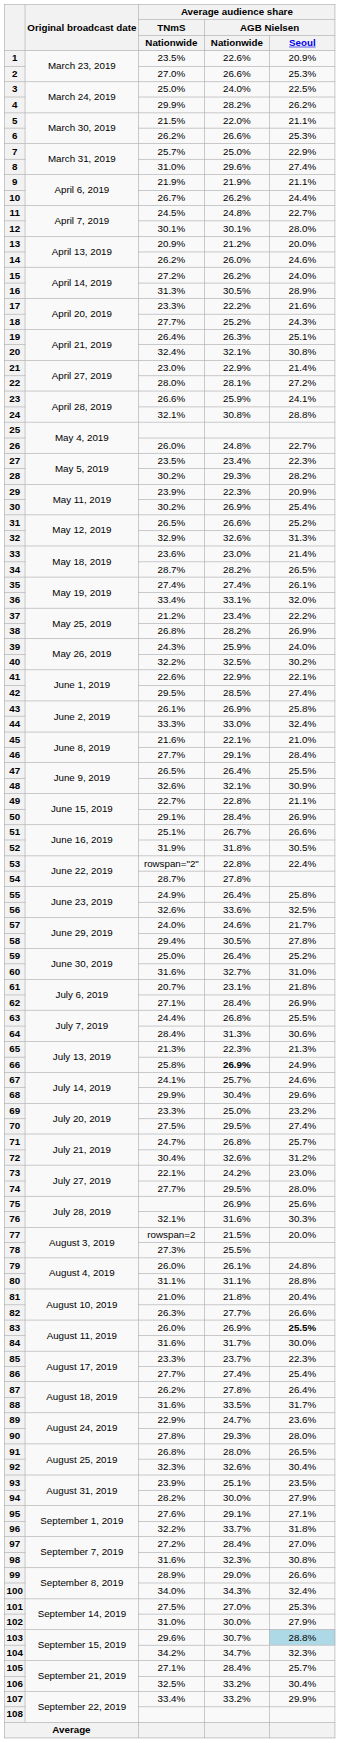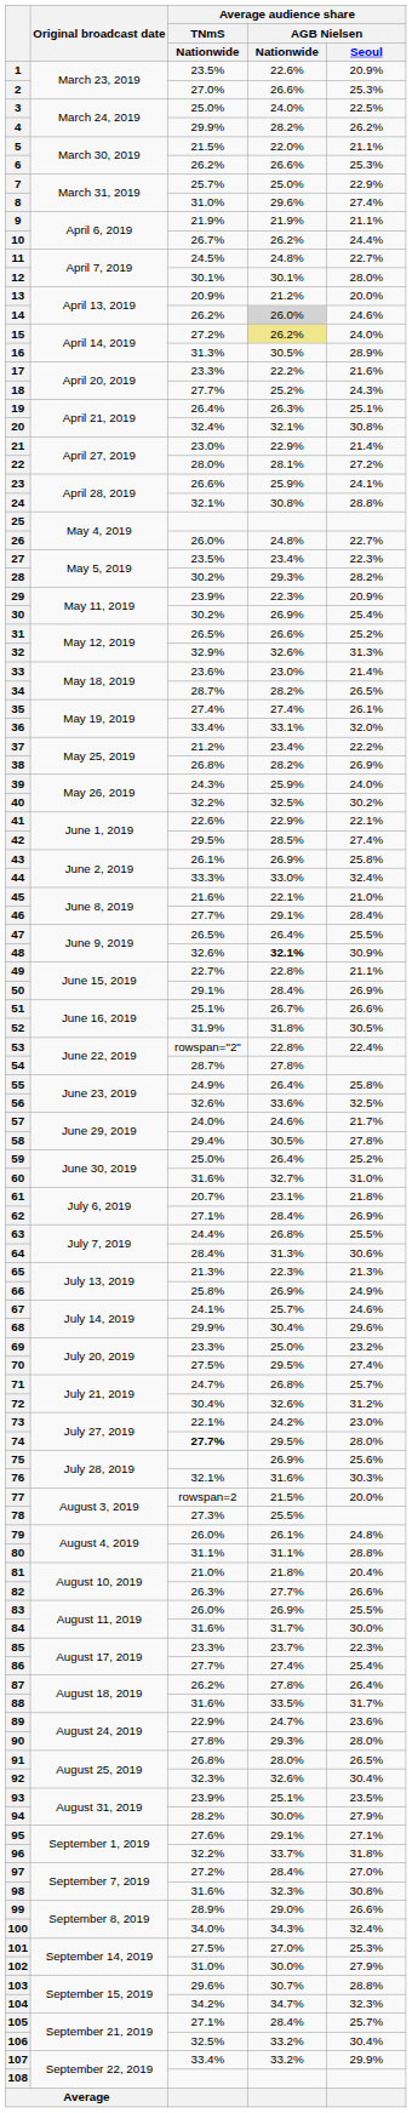 <table class="wikitable" style="text-align:center">
 <tr>
 <th rowspan="3"></th>
 <th rowspan="3">Original broadcast date</th>
 <th colspan="3">Average audience share</th>
 </tr>
 <tr>
 <th colspan="1">TNmS</th>
 <th colspan="4">AGB Nielsen</th>
 </tr>
 <tr>
 <th width="100">Nationwide</th>
 <th width="100">Nationwide</th>
 <th width="100"><a href='#'>Seoul</a></th>
 </tr>
 <tr>
 <th>1</th>
 <td rowspan="2">March 23, 2019</td>
 <td>23.5%</td>
 <td>22.6%</td>
 <td>20.9%</td>
 </tr>
 <tr>
 <th>2</th>
 <td>27.0%</td>
 <td>26.6%</td>
 <td>25.3%</td>
 </tr>
 <tr>
 <th>3</th>
 <td rowspan="2">March 24, 2019</td>
 <td>25.0%</td>
 <td>24.0%</td>
 <td>22.5%</td>
 </tr>
 <tr>
 <th>4</th>
 <td>29.9%</td>
 <td>28.2%</td>
 <td>26.2%</td>
 </tr>
 <tr>
 <th>5</th>
 <td rowspan="2">March 30, 2019</td>
 <td>21.5%</td>
 <td>22.0%</td>
 <td>21.1%</td>
 </tr>
 <tr>
 <th>6</th>
 <td>26.2%</td>
 <td>26.6%</td>
 <td>25.3%</td>
 </tr>
 <tr>
 <th>7</th>
 <td rowspan="2">March 31, 2019</td>
 <td>25.7%</td>
 <td>25.0%</td>
 <td>22.9%</td>
 </tr>
 <tr>
 <th>8</th>
 <td>31.0%</td>
 <td>29.6%</td>
 <td>27.4%</td>
 </tr>
 <tr>
 <th>9</th>
 <td rowspan="2">April 6, 2019</td>
 <td>21.9%</td>
 <td>21.9%</td>
 <td>21.1%</td>
 </tr>
 <tr>
 <th>10</th>
 <td>26.7%</td>
 <td>26.2%</td>
 <td>24.4%</td>
 </tr>
 <tr>
 <th>11</th>
 <td rowspan="2">April 7, 2019</td>
 <td>24.5%</td>
 <td>24.8%</td>
 <td>22.7%</td>
 </tr>
 <tr>
 <th>12</th>
 <td>30.1%</td>
 <td>30.1%</td>
 <td>28.0%</td>
 </tr>
 <tr>
 <th>13</th>
 <td rowspan="2">April 13, 2019</td>
 <td>20.9%</td>
 <td>21.2%</td>
 <td>20.0%</td>
 </tr>
 <tr>
 <th>14</th>
 <td>26.2%</td>
-<td>26.0%</td>
+<td style="background: lightgrey;">26.0%</td>
 <td>24.6%</td>
 </tr>
 <tr>
 <th>15</th>
 <td rowspan="2">April 14, 2019</td>
 <td>27.2%</td>
-<td>26.2%</td>
+<td style="background: khaki;">26.2%</td>
 <td>24.0%</td>
 </tr>
 <tr>
 <th>16</th>
 <td>31.3%</td>
 <td>30.5%</td>
 <td>28.9%</td>
 </tr>
 <tr>
 <th>17</th>
 <td rowspan="2">April 20, 2019</td>
 <td>23.3%</td>
 <td>22.2%</td>
 <td>21.6%</td>
 </tr>
 <tr>
 <th>18</th>
 <td>27.7%</td>
 <td>25.2%</td>
 <td>24.3%</td>
 </tr>
 <tr>
 <th>19</th>
 <td rowspan="2">April 21, 2019</td>
 <td>26.4%</td>
 <td>26.3%</td>
 <td>25.1%</td>
 </tr>
 <tr>
 <th>20</th>
 <td>32.4%</td>
 <td>32.1%</td>
 <td>30.8%</td>
 </tr>
 <tr>
 <th>21</th>
 <td rowspan="2">April 27, 2019</td>
 <td>23.0%</td>
 <td>22.9%</td>
 <td>21.4%</td>
 </tr>
 <tr>
 <th>22</th>
 <td>28.0%</td>
 <td>28.1%</td>
 <td>27.2%</td>
 </tr>
 <tr>
 <th>23</th>
 <td rowspan="2">April 28, 2019</td>
 <td>26.6%</td>
 <td>25.9%</td>
 <td>24.1%</td>
 </tr>
 <tr>
 <th>24</th>
 <td>32.1%</td>
 <td>30.8%</td>
 <td>28.8%</td>
 </tr>
 <tr>
 <th>25</th>
 <td rowspan="2">May 4, 2019</td>
 <td></td>
 <td></td>
 <td></td>
 </tr>
 <tr>
 <th>26</th>
 <td>26.0%</td>
 <td>24.8%</td>
 <td>22.7%</td>
 </tr>
 <tr>
 <th>27</th>
 <td rowspan="2">May 5, 2019</td>
 <td>23.5%</td>
 <td>23.4%</td>
 <td>22.3%</td>
 </tr>
 <tr>
 <th>28</th>
 <td>30.2%</td>
 <td>29.3%</td>
 <td>28.2%</td>
 </tr>
 <tr>
 <th>29</th>
 <td rowspan="2">May 11, 2019</td>
 <td>23.9%</td>
 <td>22.3%</td>
 <td>20.9%</td>
 </tr>
 <tr>
 <th>30</th>
 <td>30.2%</td>
 <td>26.9%</td>
 <td>25.4%</td>
 </tr>
 <tr>
 <th>31</th>
 <td rowspan="2">May 12, 2019</td>
 <td>26.5%</td>
 <td>26.6%</td>
 <td>25.2%</td>
 </tr>
 <tr>
 <th>32</th>
 <td>32.9%</td>
 <td>32.6%</td>
 <td>31.3%</td>
 </tr>
 <tr>
 <th>33</th>
 <td rowspan="2">May 18, 2019</td>
 <td>23.6%</td>
 <td>23.0%</td>
 <td>21.4%</td>
 </tr>
 <tr>
 <th>34</th>
 <td>28.7%</td>
 <td>28.2%</td>
 <td>26.5%</td>
 </tr>
 <tr>
 <th>35</th>
 <td rowspan="2">May 19, 2019</td>
 <td>27.4%</td>
 <td>27.4%</td>
 <td>26.1%</td>
 </tr>
 <tr>
 <th>36</th>
 <td>33.4%</td>
 <td>33.1%</td>
 <td>32.0%</td>
 </tr>
 <tr>
 <th>37</th>
 <td rowspan="2">May 25, 2019</td>
 <td>21.2%</td>
 <td>23.4%</td>
 <td>22.2%</td>
 </tr>
 <tr>
 <th>38</th>
 <td>26.8%</td>
 <td>28.2%</td>
 <td>26.9%</td>
 </tr>
 <tr>
 <th>39</th>
 <td rowspan="2">May 26, 2019</td>
 <td>24.3%</td>
 <td>25.9%</td>
 <td>24.0%</td>
 </tr>
 <tr>
 <th>40</th>
 <td>32.2%</td>
 <td>32.5%</td>
 <td>30.2%</td>
 </tr>
 <tr>
 <th>41</th>
 <td rowspan="2">June 1, 2019</td>
 <td>22.6%</td>
 <td>22.9%</td>
 <td>22.1%</td>
 </tr>
 <tr>
 <th>42</th>
 <td>29.5%</td>
 <td>28.5%</td>
 <td>27.4%</td>
 </tr>
 <tr>
 <th>43</th>
 <td rowspan="2">June 2, 2019</td>
 <td>26.1%</td>
 <td>26.9%</td>
 <td>25.8%</td>
 </tr>
 <tr>
 <th>44</th>
 <td>33.3%</td>
 <td>33.0%</td>
 <td>32.4%</td>
 </tr>
 <tr>
 <th>45</th>
 <td rowspan="2">June 8, 2019</td>
 <td>21.6%</td>
 <td>22.1%</td>
 <td>21.0%</td>
 </tr>
 <tr>
 <th>46</th>
 <td>27.7%</td>
 <td>29.1%</td>
 <td>28.4%</td>
 </tr>
 <tr>
 <th>47</th>
 <td rowspan="2">June 9, 2019</td>
 <td>26.5%</td>
 <td>26.4%</td>
 <td>25.5%</td>
 </tr>
 <tr>
 <th>48</th>
 <td>32.6%</td>
-<td>32.1%</td>
+<td><strong>32.1%</strong></td>
 <td>30.9%</td>
 </tr>
 <tr>
 <th>49</th>
 <td rowspan="2">June 15, 2019</td>
 <td>22.7%</td>
 <td>22.8%</td>
 <td>21.1%</td>
 </tr>
 <tr>
 <th>50</th>
 <td>29.1%</td>
 <td>28.4%</td>
 <td>26.9%</td>
 </tr>
 <tr>
 <th>51</th>
 <td rowspan="2">June 16, 2019</td>
 <td>25.1%</td>
 <td>26.7%</td>
 <td>26.6%</td>
 </tr>
 <tr>
 <th>52</th>
 <td>31.9%</td>
 <td>31.8%</td>
 <td>30.5%</td>
 </tr>
 <tr>
 <th>53</th>
 <td rowspan="2">June 22, 2019</td>
 <td>rowspan="2" </td>
 <td>22.8%</td>
 <td>22.4%</td>
 </tr>
 <tr>
 <th>54</th>
 <td>28.7%</td>
 <td>27.8%</td>
 </tr>
 <tr>
 <th>55</th>
 <td rowspan="2">June 23, 2019</td>
 <td>24.9%</td>
 <td>26.4%</td>
 <td>25.8%</td>
 </tr>
 <tr>
 <th>56</th>
 <td>32.6%</td>
 <td>33.6%</td>
 <td>32.5%</td>
 </tr>
 <tr>
 <th>57</th>
 <td rowspan="2">June 29, 2019</td>
 <td>24.0%</td>
 <td>24.6%</td>
 <td>21.7%</td>
 </tr>
 <tr>
 <th>58</th>
 <td>29.4%</td>
 <td>30.5%</td>
 <td>27.8%</td>
 </tr>
 <tr>
 <th>59</th>
 <td rowspan="2">June 30, 2019</td>
 <td>25.0%</td>
 <td>26.4%</td>
 <td>25.2%</td>
 </tr>
 <tr>
 <th>60</th>
 <td>31.6%</td>
 <td>32.7%</td>
 <td>31.0%</td>
 </tr>
 <tr>
 <th>61</th>
 <td rowspan="2">July 6, 2019</td>
 <td>20.7%</td>
 <td>23.1%</td>
 <td>21.8%</td>
 </tr>
 <tr>
 <th>62</th>
 <td>27.1%</td>
 <td>28.4%</td>
 <td>26.9%</td>
 </tr>
 <tr>
 <th>63</th>
 <td rowspan="2">July 7, 2019</td>
 <td>24.4%</td>
 <td>26.8%</td>
 <td>25.5%</td>
 </tr>
 <tr>
 <th>64</th>
 <td>28.4%</td>
 <td>31.3%</td>
 <td>30.6%</td>
 </tr>
 <tr>
 <th>65</th>
 <td rowspan="2">July 13, 2019</td>
 <td>21.3%</td>
 <td>22.3%</td>
 <td>21.3%</td>
 </tr>
 <tr>
 <th>66</th>
 <td>25.8%</td>
-<td><strong>26.9%</strong></td>
+<td>26.9%</td>
 <td>24.9%</td>
 </tr>
 <tr>
 <th>67</th>
 <td rowspan="2">July 14, 2019</td>
 <td>24.1%</td>
 <td>25.7%</td>
 <td>24.6%</td>
 </tr>
 <tr>
 <th>68</th>
 <td>29.9%</td>
 <td>30.4%</td>
 <td>29.6%</td>
 </tr>
 <tr>
 <th>69</th>
 <td rowspan="2">July 20, 2019</td>
 <td>23.3%</td>
 <td>25.0%</td>
 <td>23.2%</td>
 </tr>
 <tr>
 <th>70</th>
 <td>27.5%</td>
 <td>29.5%</td>
 <td>27.4%</td>
 </tr>
 <tr>
 <th>71</th>
 <td rowspan="2">July 21, 2019</td>
 <td>24.7%</td>
 <td>26.8%</td>
 <td>25.7%</td>
 </tr>
 <tr>
 <th>72</th>
 <td>30.4%</td>
 <td>32.6%</td>
 <td>31.2%</td>
 </tr>
 <tr>
 <th>73</th>
 <td rowspan="2">July 27, 2019</td>
 <td>22.1%</td>
 <td>24.2%</td>
 <td>23.0%</td>
 </tr>
 <tr>
 <th>74</th>
-<td>27.7%</td>
+<td><strong>27.7%</strong></td>
 <td>29.5%</td>
 <td>28.0%</td>
 </tr>
 <tr>
 <th>75</th>
 <td rowspan="2">July 28, 2019</td>
 <td></td>
 <td>26.9%</td>
 <td>25.6%</td>
 </tr>
 <tr>
 <th>76</th>
 <td>32.1%</td>
 <td>31.6%</td>
 <td>30.3%</td>
 </tr>
 <tr>
 <th>77</th>
 <td rowspan="2">August 3, 2019</td>
 <td>rowspan=2 </td>
 <td>21.5%</td>
 <td>20.0%</td>
 </tr>
 <tr>
 <th>78</th>
 <td>27.3%</td>
 <td>25.5%</td>
 </tr>
 <tr>
 <th>79</th>
 <td rowspan="2">August 4, 2019</td>
 <td>26.0%</td>
 <td>26.1%</td>
 <td>24.8%</td>
 </tr>
 <tr>
 <th>80</th>
 <td>31.1%</td>
 <td>31.1%</td>
 <td>28.8%</td>
 </tr>
 <tr>
 <th>81</th>
 <td rowspan="2">August 10, 2019</td>
 <td>21.0%</td>
 <td>21.8%</td>
 <td>20.4%</td>
 </tr>
 <tr>
 <th>82</th>
 <td>26.3%</td>
 <td>27.7%</td>
 <td>26.6%</td>
 </tr>
 <tr>
 <th>83</th>
 <td rowspan="2">August 11, 2019</td>
 <td>26.0%</td>
 <td>26.9%</td>
-<td><strong>25.5%</strong></td>
+<td>25.5%</td>
 </tr>
 <tr>
 <th>84</th>
 <td>31.6%</td>
 <td>31.7%</td>
 <td>30.0%</td>
 </tr>
 <tr>
 <th>85</th>
 <td rowspan="2">August 17, 2019</td>
 <td>23.3%</td>
 <td>23.7%</td>
 <td>22.3%</td>
 </tr>
 <tr>
 <th>86</th>
 <td>27.7%</td>
 <td>27.4%</td>
 <td>25.4%</td>
 </tr>
 <tr>
 <th>87</th>
 <td rowspan="2">August 18, 2019</td>
 <td>26.2%</td>
 <td>27.8%</td>
 <td>26.4%</td>
 </tr>
 <tr>
 <th>88</th>
 <td>31.6%</td>
 <td>33.5%</td>
 <td>31.7%</td>
 </tr>
 <tr>
 <th>89</th>
 <td rowspan="2">August 24, 2019</td>
 <td>22.9%</td>
 <td>24.7%</td>
 <td>23.6%</td>
 </tr>
 <tr>
 <th>90</th>
 <td>27.8%</td>
 <td>29.3%</td>
 <td>28.0%</td>
 </tr>
 <tr>
 <th>91</th>
 <td rowspan="2">August 25, 2019</td>
 <td>26.8%</td>
 <td>28.0%</td>
 <td>26.5%</td>
 </tr>
 <tr>
 <th>92</th>
 <td>32.3%</td>
 <td>32.6%</td>
 <td>30.4%</td>
 </tr>
 <tr>
 <th>93</th>
 <td rowspan="2">August 31, 2019</td>
 <td>23.9%</td>
 <td>25.1%</td>
 <td>23.5%</td>
 </tr>
 <tr>
 <th>94</th>
 <td>28.2%</td>
 <td>30.0%</td>
 <td>27.9%</td>
 </tr>
 <tr>
 <th>95</th>
 <td rowspan="2">September 1, 2019</td>
 <td>27.6%</td>
 <td>29.1%</td>
 <td>27.1%</td>
 </tr>
 <tr>
 <th>96</th>
 <td>32.2%</td>
 <td>33.7%</td>
 <td>31.8%</td>
 </tr>
 <tr>
 <th>97</th>
 <td rowspan="2">September 7, 2019</td>
 <td>27.2%</td>
 <td>28.4%</td>
 <td>27.0%</td>
 </tr>
 <tr>
 <th>98</th>
 <td>31.6%</td>
 <td>32.3%</td>
 <td>30.8%</td>
 </tr>
 <tr>
 <th>99</th>
 <td rowspan="2">September 8, 2019</td>
 <td>28.9%</td>
 <td>29.0%</td>
 <td>26.6%</td>
 </tr>
 <tr>
 <th>100</th>
 <td>34.0%</td>
 <td>34.3%</td>
 <td>32.4%</td>
 </tr>
 <tr>
 <th>101</th>
 <td rowspan="2">September 14, 2019</td>
 <td>27.5%</td>
 <td>27.0%</td>
 <td>25.3%</td>
 </tr>
 <tr>
 <th>102</th>
 <td>31.0%</td>
 <td>30.0%</td>
 <td>27.9%</td>
 </tr>
 <tr>
 <th>103</th>
 <td rowspan="2">September 15, 2019</td>
 <td>29.6%</td>
 <td>30.7%</td>
-<td style="background: lightblue;">28.8%</td>
+<td>28.8%</td>
 </tr>
 <tr>
 <th>104</th>
 <td>34.2%</td>
 <td>34.7%</td>
 <td>32.3%</td>
 </tr>
 <tr>
 <th>105</th>
 <td rowspan="2">September 21, 2019</td>
 <td>27.1%</td>
 <td>28.4%</td>
 <td>25.7%</td>
 </tr>
 <tr>
 <th>106</th>
 <td>32.5%</td>
 <td>33.2%</td>
 <td>30.4%</td>
 </tr>
 <tr>
 <th>107</th>
 <td rowspan="2">September 22, 2019</td>
 <td>33.4%</td>
 <td>33.2%</td>
 <td>29.9%</td>
 </tr>
 <tr>
 <th>108</th>
 <td></td>
 <td></td>
 <td></td>
 </tr>
 <tr>
 <th colspan="2">Average</th>
 <th></th>
 <th></th>
 <th></th>
 </tr>
 </table>
